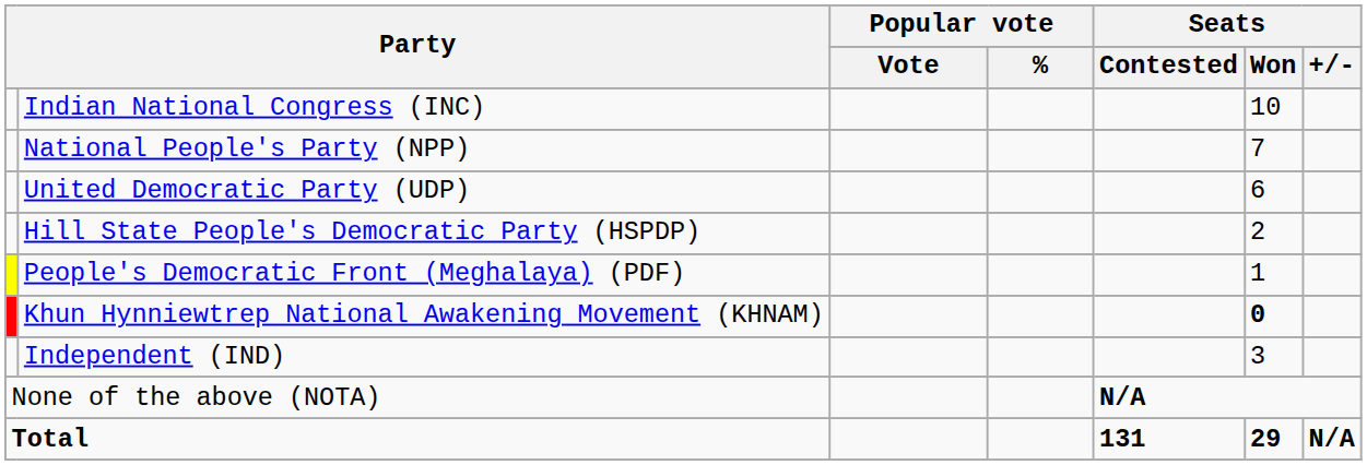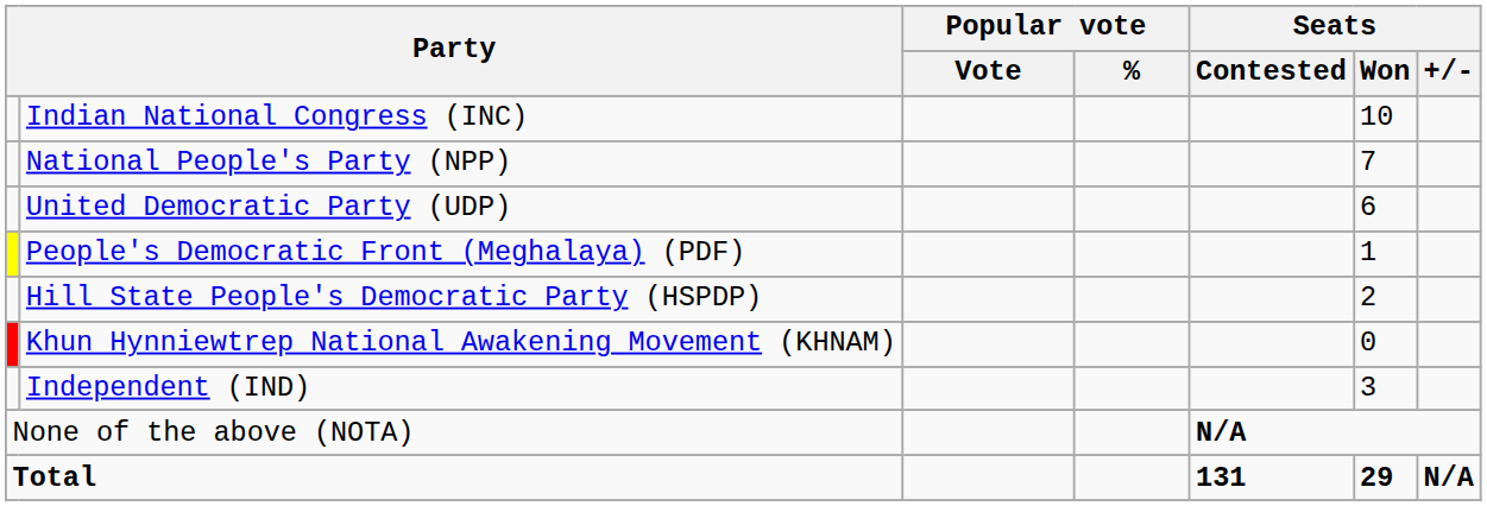 <table class="wikitable sortable" style="text-align:left; font-size:95%;">
 <tr>
 <th colspan="2" rowspan="2">Party</th>
 <th colspan="2">Popular vote</th>
 <th colspan="3">Seats</th>
 </tr>
 <tr>
 <th width="70">Vote</th>
 <th width="45">%</th>
 <th>Contested</th>
 <th>Won</th>
 <th>+/-</th>
 </tr>
 <tr>
 <td style="background-color: "></td>
 <td><a href='#'>Indian National Congress</a> (INC)</td>
 <td></td>
 <td></td>
 <td></td>
 <td>10</td>
 <td></td>
 </tr>
 <tr>
 <td style="background-color:"></td>
 <td><a href='#'>National People's Party</a> (NPP)</td>
 <td></td>
 <td></td>
 <td></td>
 <td>7</td>
 <td></td>
 </tr>
 <tr>
 <td style="background-color: "></td>
 <td><a href='#'>United Democratic Party</a> (UDP)</td>
 <td></td>
 <td></td>
 <td></td>
 <td>6</td>
 <td></td>
 </tr>
 <tr>
+<td bgcolor="yellow"></td>
+<td><a href='#'>People's Democratic Front (Meghalaya)</a> (PDF)</td>
+<td></td>
+<td></td>
+<td></td>
+<td>1</td>
+<td></td>
+</tr>
+<tr>
 <td></td>
 <td><a href='#'>Hill State People's Democratic Party</a> (HSPDP)</td>
 <td></td>
 <td></td>
 <td></td>
 <td>2</td>
 <td></td>
 </tr>
 <tr>
-<td bgcolor="yellow"></td>
-<td><a href='#'>People's Democratic Front (Meghalaya)</a> (PDF)</td>
-<td></td>
-<td></td>
-<td></td>
-<td>1</td>
-<td></td>
-</tr>
-<tr>
 <td bgcolor="red"></td>
 <td><a href='#'>Khun Hynniewtrep National Awakening Movement</a> (KHNAM)</td>
 <td></td>
 <td></td>
 <td></td>
-<td><strong>0</strong></td>
+<td>0</td>
 <td></td>
 </tr>
 <tr>
 <td style="background-color: "></td>
 <td><a href='#'>Independent</a> (IND)</td>
 <td></td>
 <td></td>
 <td></td>
 <td>3</td>
 <td></td>
 </tr>
 <tr>
 <td colspan="2">None of the above (NOTA)</td>
 <td></td>
 <td></td>
 <td colspan="3"><strong>N/A</strong></td>
 </tr>
 <tr style="font-weight:bold;">
 <td align="left" colspan="2">Total</td>
 <td></td>
 <td></td>
 <td><strong>131</strong></td>
 <td><strong>29</strong></td>
 <td><strong>N/A</strong></td>
 </tr>
 </table>
